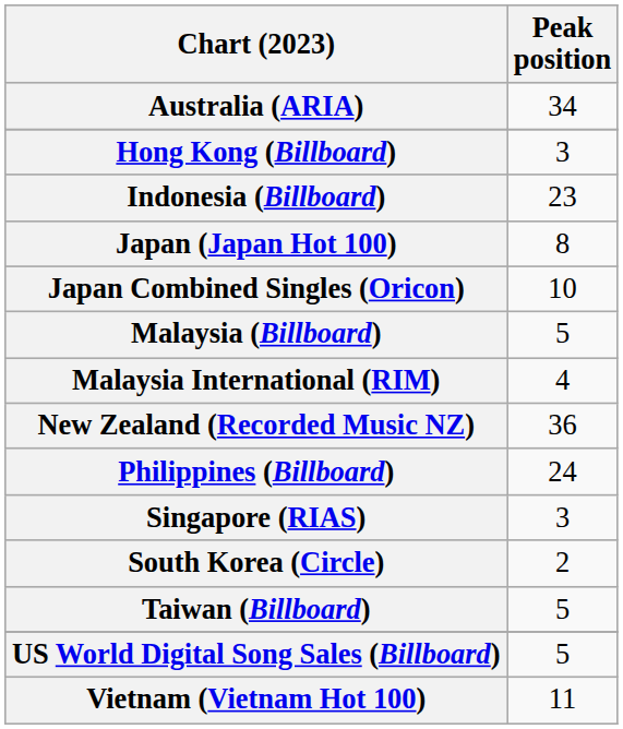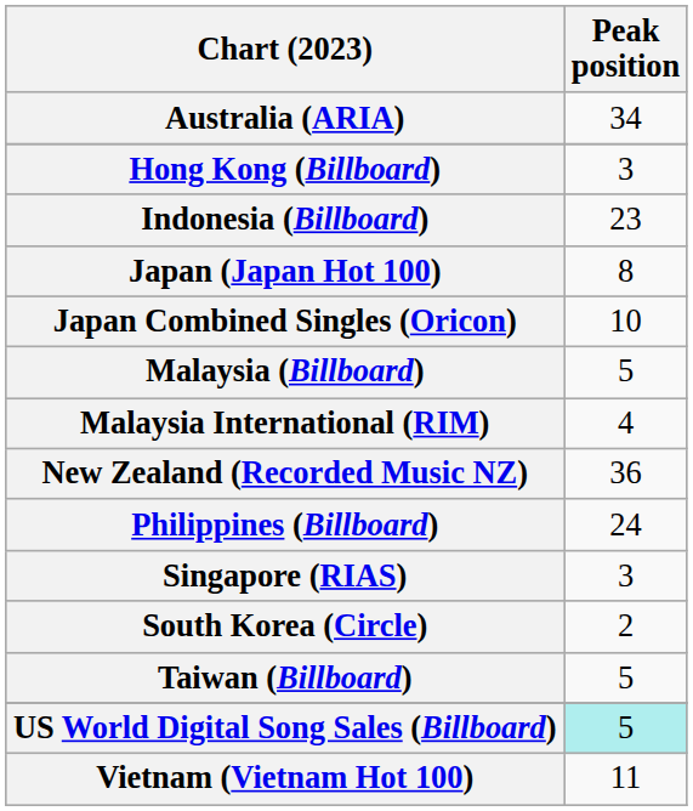 <table class="wikitable sortable plainrowheaders" style="text-align:center">
 <tr>
 <th scope="col">Chart (2023)</th>
 <th scope="col">Peak<br>position</th>
 </tr>
 <tr>
 <th scope="row">Australia (<a href='#'>ARIA</a>)</th>
 <td>34</td>
 </tr>
 <tr>
 </tr>
 <tr>
 </tr>
 <tr>
 <th scope="row"><a href='#'>Hong Kong</a> (<em><a href='#'>Billboard</a></em>)</th>
 <td>3</td>
 </tr>
 <tr>
 <th scope="row">Indonesia (<em><a href='#'>Billboard</a></em>)</th>
 <td>23</td>
 </tr>
 <tr>
 <th scope="row">Japan (<a href='#'>Japan Hot 100</a>)</th>
 <td>8</td>
 </tr>
 <tr>
 <th scope="row">Japan Combined Singles (<a href='#'>Oricon</a>)</th>
 <td>10</td>
 </tr>
 <tr>
 <th scope="row">Malaysia (<em><a href='#'>Billboard</a></em>)</th>
 <td>5</td>
 </tr>
 <tr>
 <th scope="row">Malaysia International (<a href='#'>RIM</a>)</th>
 <td>4</td>
 </tr>
 <tr>
 <th scope="row">New Zealand (<a href='#'>Recorded Music NZ</a>)</th>
 <td>36</td>
 </tr>
 <tr>
 <th scope="row"><a href='#'>Philippines</a> (<em><a href='#'>Billboard</a></em>)</th>
 <td>24</td>
 </tr>
 <tr>
 <th scope="row">Singapore (<a href='#'>RIAS</a>)</th>
 <td>3</td>
 </tr>
 <tr>
 <th scope="row">South Korea (<a href='#'>Circle</a>)</th>
 <td>2</td>
 </tr>
 <tr>
 <th scope="row">Taiwan (<em><a href='#'>Billboard</a></em>)</th>
 <td>5</td>
 </tr>
 <tr>
 </tr>
 <tr>
 </tr>
 <tr>
 <th scope="row">US <a href='#'>World Digital Song Sales</a> (<em><a href='#'>Billboard</a></em>)</th>
-<td>5</td>
+<td style="background: paleturquoise;">5</td>
 </tr>
 <tr>
 <th scope="row">Vietnam (<a href='#'>Vietnam Hot 100</a>)</th>
 <td>11</td>
 </tr>
 </table>
